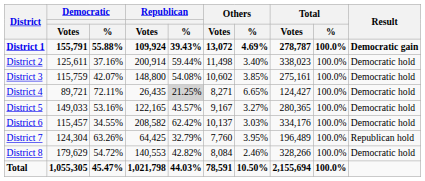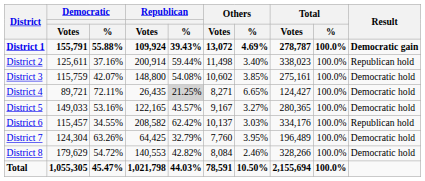 <table class="wikitable plainrowheaders sortable" style="font-size:100%; text-align:right;">
 <tr>
 <th scope=col rowspan=3><a href='#'>District</a></th>
 <th scope=col colspan=2><a href='#'>Democratic</a></th>
 <th scope=col colspan=2><a href='#'>Republican</a></th>
 <th scope=col colspan=2 rowspan=2>Others</th>
 <th scope=col colspan=2 rowspan=2>Total</th>
 <th scope=col rowspan=3>Result</th>
 </tr>
 <tr>
 <th scope=col colspan=2 style="background:"></th>
 <th scope=col colspan=2 style="background:"></th>
 </tr>
 <tr>
 <th scope=col data-sort-type="number">Votes</th>
 <th scope=col data-sort-type="number">%</th>
 <th scope=col data-sort-type="number">Votes</th>
 <th scope=col data-sort-type="number">%</th>
 <th scope=col data-sort-type="number">Votes</th>
 <th scope=col data-sort-type="number">%</th>
 <th scope=col data-sort-type="number">Votes</th>
 <th scope=col data-sort-type="number">%</th>
 </tr>
 <tr>
 <td align=left><strong><a href='#'>District 1</a></strong></td>
 <td><strong>155,791</strong></td>
 <td><strong>55.88%</strong></td>
 <td><strong>109,924</strong></td>
 <td><strong>39.43%</strong></td>
 <td><strong>13,072</strong></td>
 <td><strong>4.69%</strong></td>
 <td><strong>278,787</strong></td>
 <td><strong>100.0%</strong></td>
 <td align=left><strong>Democratic gain</strong></td>
 </tr>
 <tr>
 <td align=left><a href='#'>District 2</a></td>
 <td>125,611</td>
 <td>37.16%</td>
 <td>200,914</td>
 <td>59.44%</td>
 <td>11,498</td>
 <td>3.40%</td>
 <td>338,023</td>
 <td>100.0%</td>
-<td align=left>Democratic hold</td>
+<td align=left>Republican hold</td>
 </tr>
 <tr>
 <td align=left><a href='#'>District 3</a></td>
 <td>115,759</td>
 <td>42.07%</td>
 <td>148,800</td>
 <td>54.08%</td>
 <td>10,602</td>
 <td>3.85%</td>
 <td>275,161</td>
 <td>100.0%</td>
 <td align=left>Democratic hold</td>
 </tr>
 <tr>
 <td align=left><a href='#'>District 4</a></td>
 <td>89,721</td>
 <td>72.11%</td>
 <td>26,435</td>
 <td style="background: lightgrey;">21.25%</td>
 <td>8,271</td>
 <td>6.65%</td>
 <td>124,427</td>
 <td>100.0%</td>
 <td align=left>Democratic hold</td>
 </tr>
 <tr>
 <td align=left><a href='#'>District 5</a></td>
 <td>149,033</td>
 <td>53.16%</td>
 <td>122,165</td>
 <td>43.57%</td>
 <td>9,167</td>
 <td>3.27%</td>
 <td>280,365</td>
 <td>100.0%</td>
 <td align=left>Democratic hold</td>
 </tr>
 <tr>
 <td align=left><a href='#'>District 6</a></td>
 <td>115,457</td>
 <td>34.55%</td>
 <td>208,582</td>
 <td>62.42%</td>
 <td>10,137</td>
 <td>3.03%</td>
 <td>334,176</td>
 <td>100.0%</td>
-<td align=left>Democratic hold</td>
+<td align=left>Republican hold</td>
 </tr>
 <tr>
 <td align=left><a href='#'>District 7</a></td>
 <td>124,304</td>
 <td>63.26%</td>
 <td>64,425</td>
 <td>32.79%</td>
 <td>7,760</td>
 <td>3.95%</td>
 <td>196,489</td>
 <td>100.0%</td>
-<td align=left>Republican hold</td>
+<td align=left>Democratic hold</td>
 </tr>
 <tr>
 <td align=left><a href='#'>District 8</a></td>
 <td>179,629</td>
 <td>54.72%</td>
 <td>140,553</td>
 <td>42.82%</td>
 <td>8,084</td>
 <td>2.46%</td>
 <td>328,266</td>
 <td>100.0%</td>
 <td align=left>Democratic hold</td>
 </tr>
 <tr class="sortbottom" style="font-weight:bold">
 <td align=left>Total</td>
 <td>1,055,305</td>
 <td>45.47%</td>
 <td>1,021,798</td>
 <td>44.03%</td>
 <td>78,591</td>
 <td>10.50%</td>
 <td>2,155,694</td>
 <td>100.0%</td>
 <td></td>
 </tr>
 </table>
